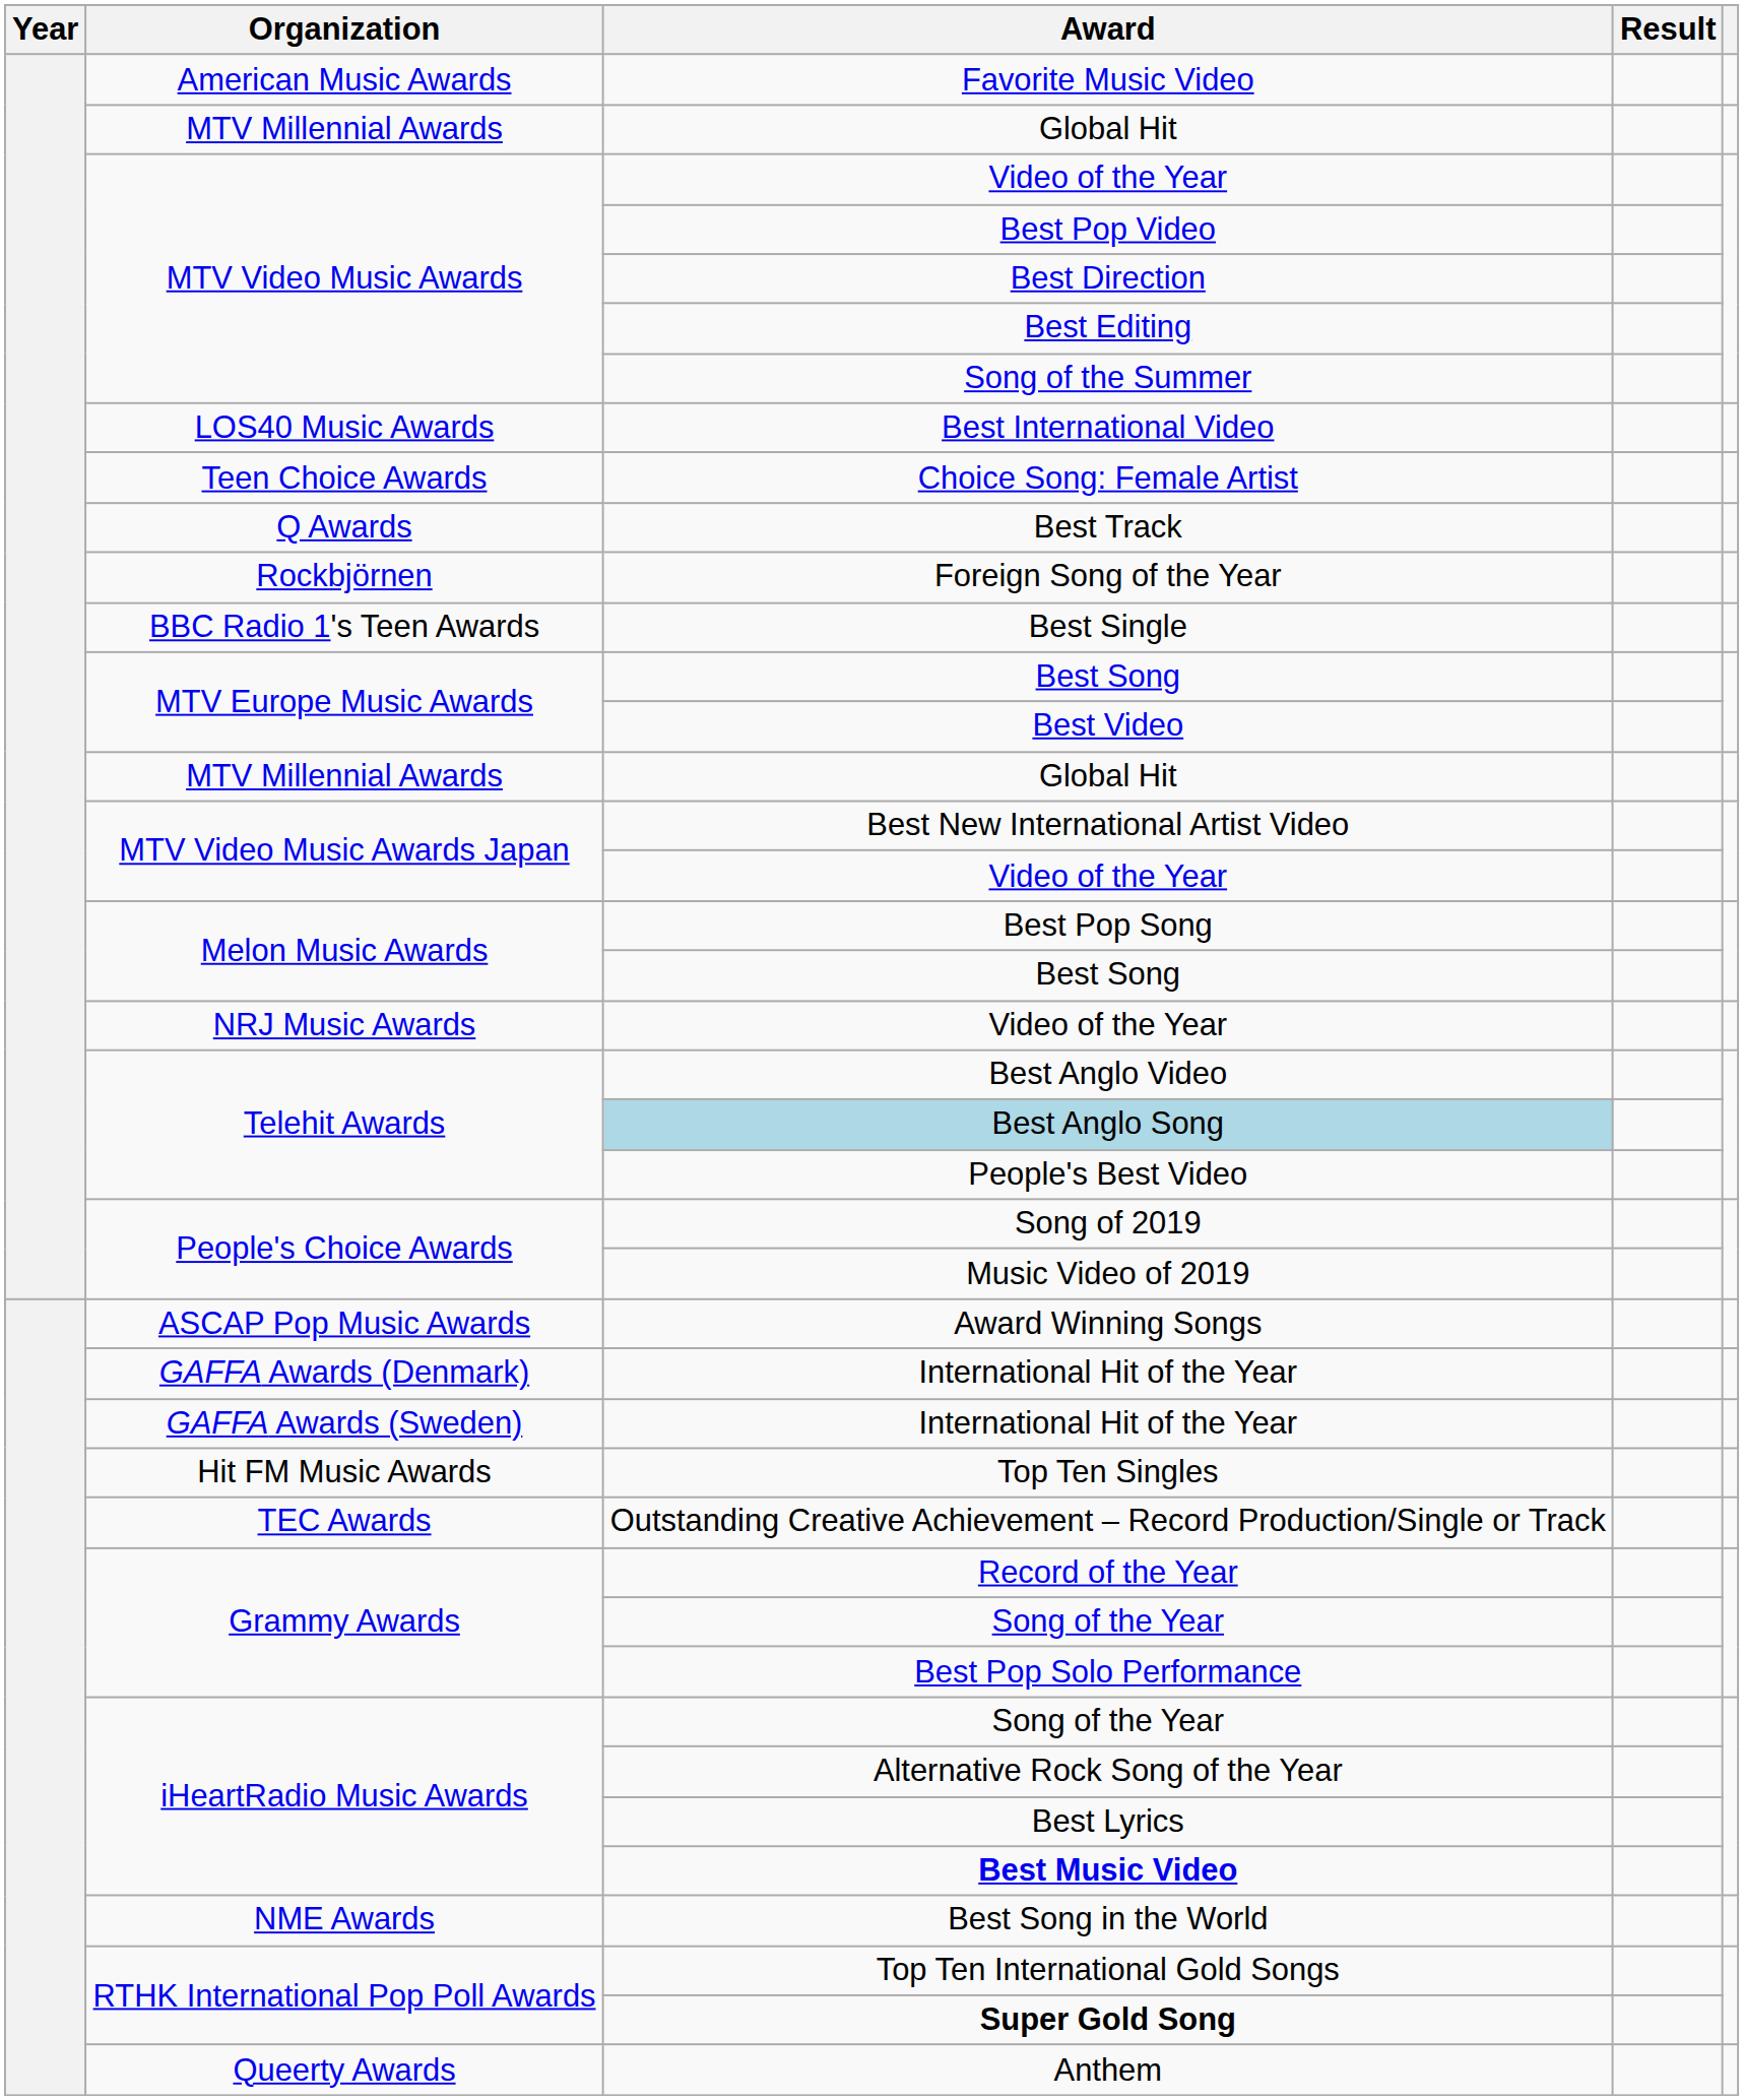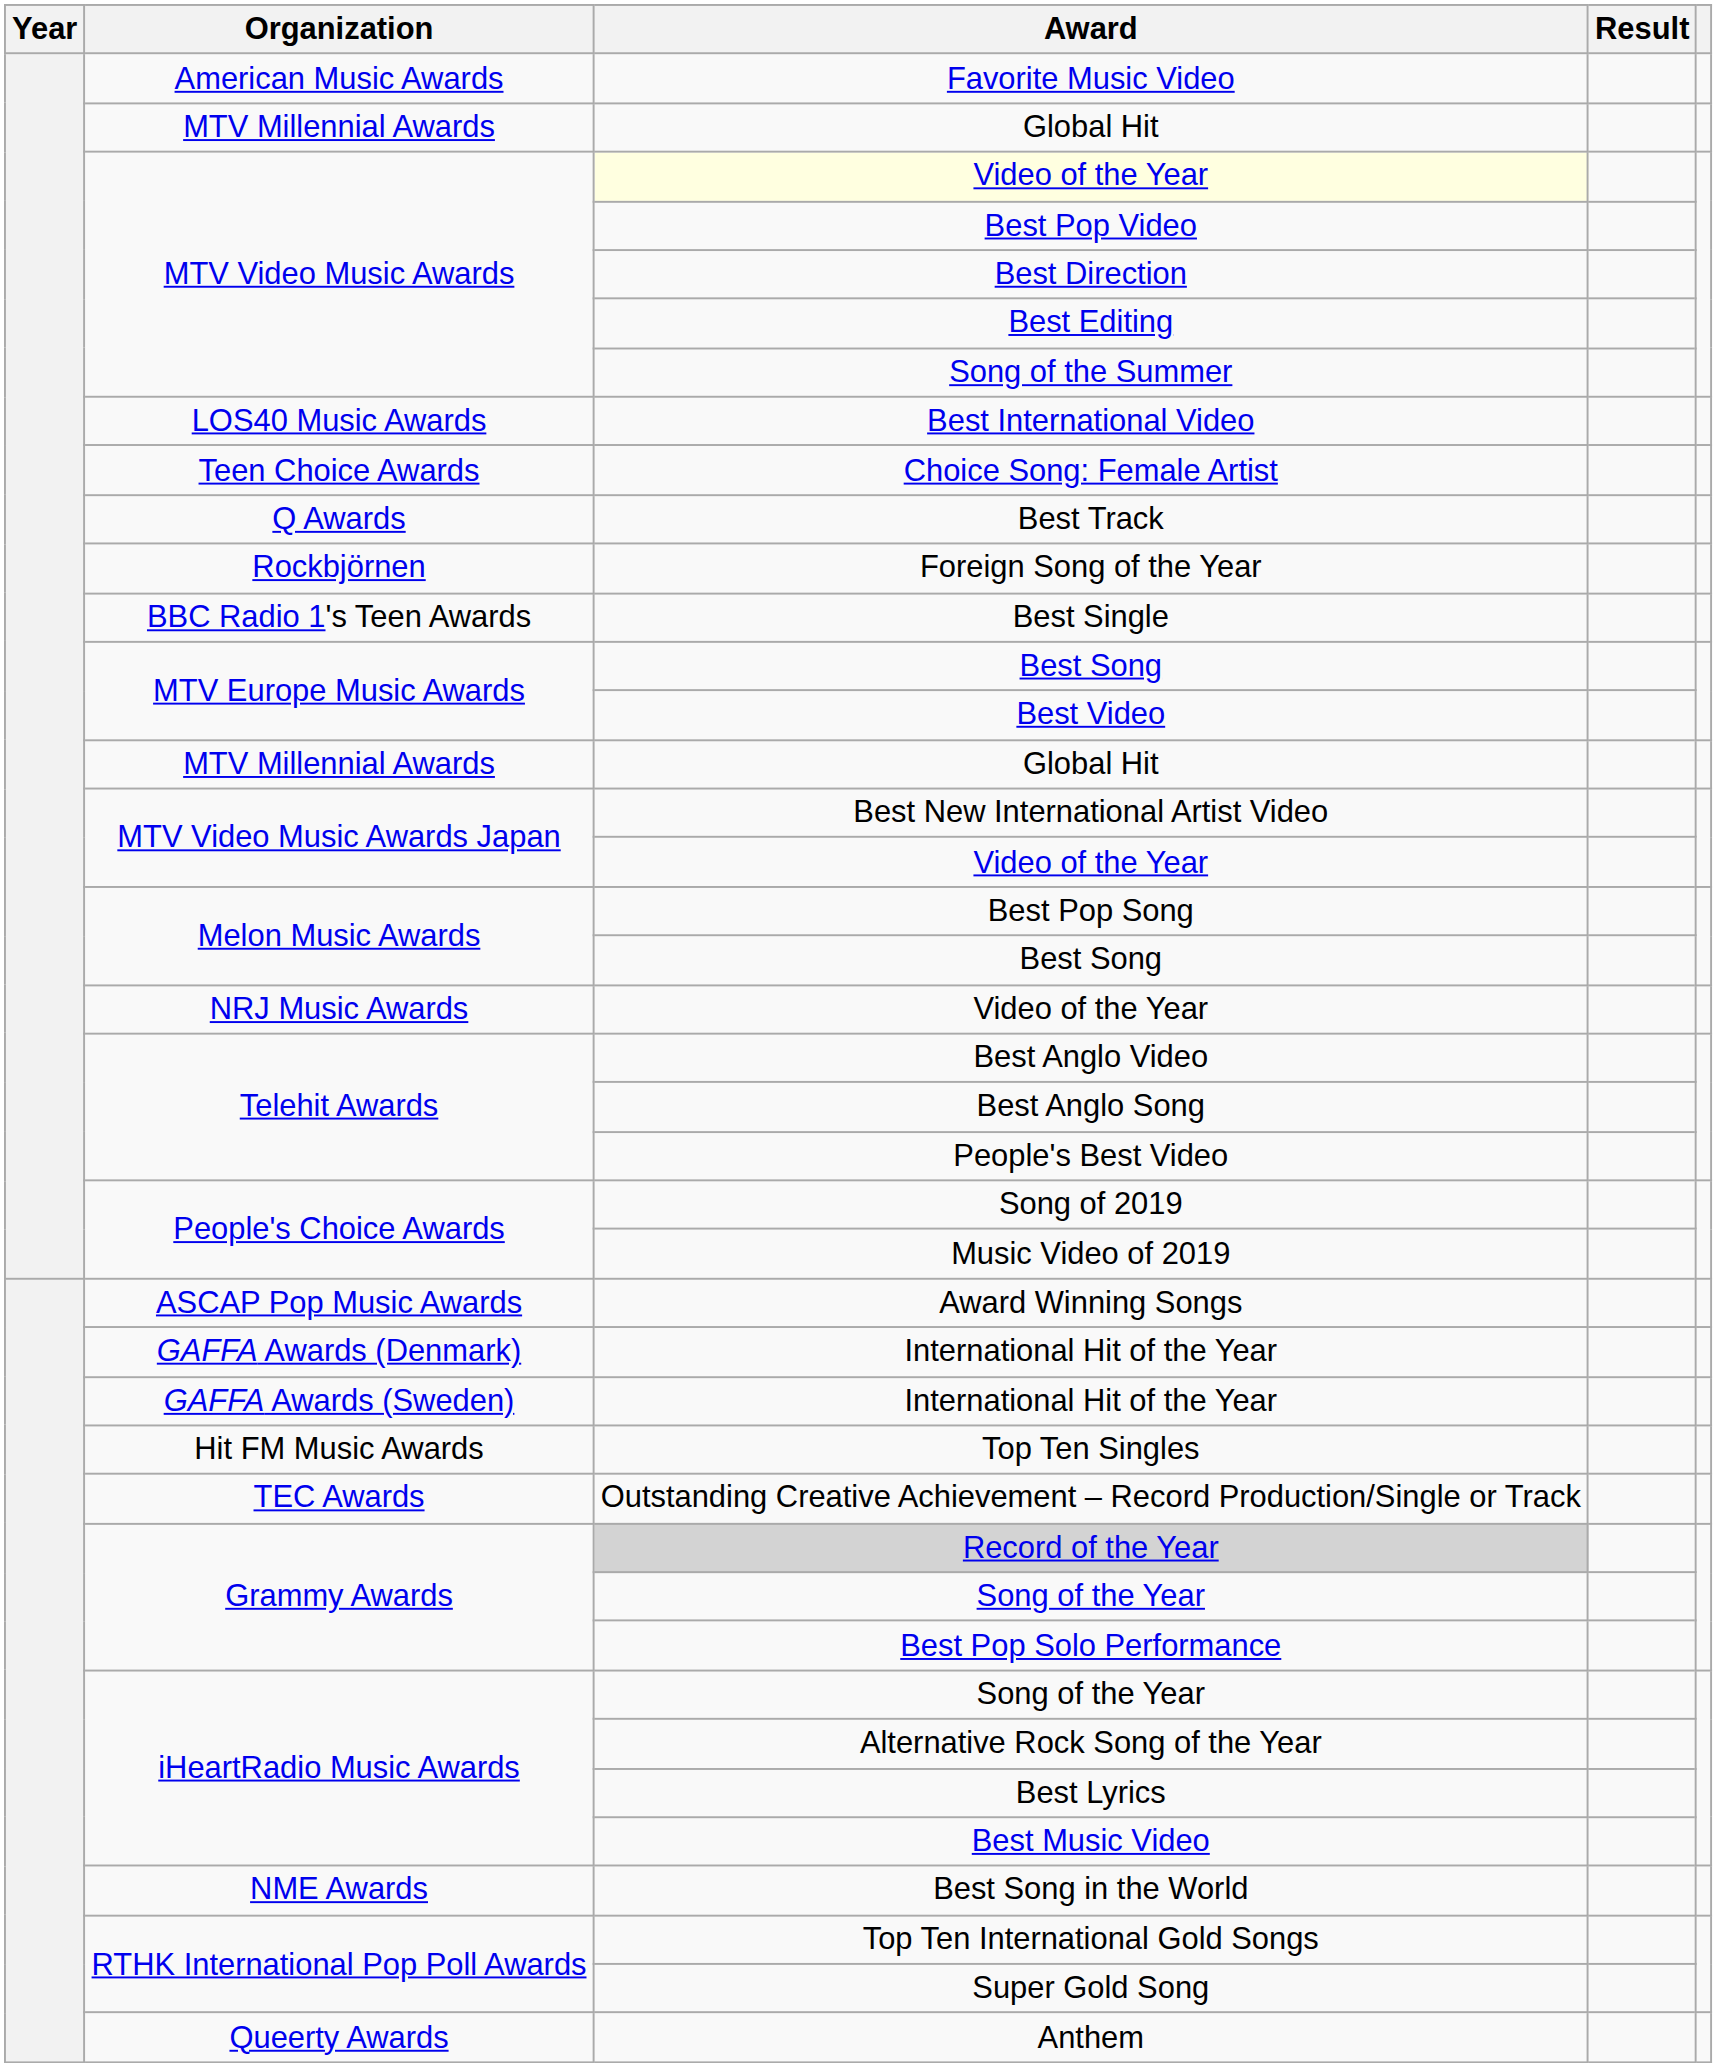 <table class="wikitable plainrowheaders sortable collapsible" style="text-align:center">
 <tr>
 <th scope=col class="sortable">Year</th>
 <th scope=col class="sortable">Organization</th>
 <th scope=col class="sortable">Award</th>
 <th scope=col class="sortable">Result</th>
 <th scope=col class="unsortable"></th>
 </tr>
 <tr>
 <th scope="row" rowspan="25"></th>
 <td scope="row" rowspan="1"><a href='#'>American Music Awards</a></td>
 <td><a href='#'>Favorite Music Video</a></td>
 <td></td>
 <td rowspan="1" style="text-align:center;"></td>
 </tr>
 <tr>
 <td rowspan="1"><a href='#'>MTV Millennial Awards</a></td>
 <td>Global Hit</td>
 <td></td>
 <td style="text-align:center;"></td>
 </tr>
 <tr>
 <td rowspan="5"><a href='#'>MTV Video Music Awards</a></td>
-<td><a href='#'>Video of the Year</a></td>
+<td style="background: lightyellow;"><a href='#'>Video of the Year</a></td>
 <td></td>
 <td rowspan="5"></td>
 </tr>
 <tr>
 <td><a href='#'>Best Pop Video</a></td>
 <td></td>
 </tr>
 <tr>
 <td><a href='#'>Best Direction</a></td>
 <td></td>
 </tr>
 <tr>
 <td><a href='#'>Best Editing</a></td>
 <td></td>
 </tr>
 <tr>
 <td><a href='#'>Song of the Summer</a></td>
 <td></td>
 </tr>
 <tr>
 <td><a href='#'>LOS40 Music Awards</a></td>
 <td><a href='#'>Best International Video</a></td>
 <td></td>
 <td style="text-align:center;" rowspan="1"></td>
 </tr>
 <tr>
 <td rowspan="1"><a href='#'>Teen Choice Awards</a></td>
 <td><a href='#'>Choice Song: Female Artist</a></td>
 <td></td>
 <td></td>
 </tr>
 <tr>
 <td rowspan="1"><a href='#'>Q Awards</a></td>
 <td>Best Track</td>
 <td></td>
 <td></td>
 </tr>
 <tr>
 <td rowspan="1"><a href='#'>Rockbjörnen</a></td>
 <td>Foreign Song of the Year</td>
 <td></td>
 <td></td>
 </tr>
 <tr>
 <td rowspan="1"><a href='#'>BBC Radio 1</a>'s Teen Awards</td>
 <td>Best Single</td>
 <td></td>
 <td></td>
 </tr>
 <tr>
 <td rowspan="2"><a href='#'>MTV Europe Music Awards</a></td>
 <td><a href='#'>Best Song</a></td>
 <td></td>
 <td style="text-align:center;" rowspan="2"></td>
 </tr>
 <tr>
 <td><a href='#'>Best Video</a></td>
 <td></td>
 </tr>
 <tr>
 <td scope="row" rowspan="1"><a href='#'>MTV Millennial Awards</a></td>
 <td>Global Hit</td>
 <td></td>
 <td style="text-align:center;" rowspan="1"></td>
 </tr>
 <tr>
 <td scope="row" rowspan="2"><a href='#'>MTV Video Music Awards Japan</a></td>
 <td>Best New International Artist Video</td>
 <td></td>
 <td rowspan="2" style="text-align:center;"></td>
 </tr>
 <tr>
 <td><a href='#'>Video of the Year</a></td>
 <td></td>
 </tr>
 <tr>
 <td scope="row" rowspan="2"><a href='#'>Melon Music Awards</a></td>
 <td>Best Pop Song</td>
 <td></td>
 <td style="text-align:center;" rowspan="2"></td>
 </tr>
 <tr>
 <td>Best Song</td>
 <td></td>
 </tr>
 <tr>
 <td scope="row" rowspan="1"><a href='#'>NRJ Music Awards</a></td>
 <td>Video of the Year</td>
 <td></td>
 <td style="text-align:center;" rowspan="1"></td>
 </tr>
 <tr>
 <td scope="row" rowspan="3"><a href='#'>Telehit Awards</a></td>
 <td>Best Anglo Video</td>
 <td></td>
 <td style="text-align:center;" rowspan="3"></td>
 </tr>
 <tr>
-<td style="background: lightblue;">Best Anglo Song</td>
+<td>Best Anglo Song</td>
 <td></td>
 </tr>
 <tr>
 <td>People's Best Video</td>
 <td></td>
 </tr>
 <tr>
 <td rowspan="2"><a href='#'>People's Choice Awards</a></td>
 <td>Song of 2019</td>
 <td></td>
 <td style="text-align:center;" rowspan="2"></td>
 </tr>
 <tr>
 <td>Music Video of 2019</td>
 <td></td>
 </tr>
 <tr>
 <th scope="row" rowspan="16"></th>
 <td><a href='#'>ASCAP Pop Music Awards</a></td>
 <td>Award Winning Songs</td>
 <td></td>
 <td style="text-align:center;"></td>
 </tr>
 <tr>
 <td><a href='#'><em>GAFFA</em> Awards (Denmark)</a></td>
 <td>International Hit of the Year</td>
 <td></td>
 <td style="text-align:center;"></td>
 </tr>
 <tr>
 <td><a href='#'><em>GAFFA</em> Awards (Sweden)</a></td>
 <td>International Hit of the Year</td>
 <td></td>
 <td style="text-align:center;"></td>
 </tr>
 <tr>
 <td>Hit FM Music Awards</td>
 <td>Top Ten Singles</td>
 <td></td>
 <td style="text-align:center;"></td>
 </tr>
 <tr>
 <td rowspan="1"><a href='#'>TEC Awards</a></td>
 <td>Outstanding Creative Achievement – Record Production/Single or Track</td>
 <td></td>
 <td></td>
 </tr>
 <tr>
 <td scope="row" rowspan="3"><a href='#'>Grammy Awards</a></td>
-<td><a href='#'>Record of the Year</a></td>
+<td style="background: lightgrey;"><a href='#'>Record of the Year</a></td>
 <td></td>
 <td style="text-align:center;" rowspan="3"></td>
 </tr>
 <tr>
 <td><a href='#'>Song of the Year</a></td>
 <td></td>
 </tr>
 <tr>
 <td><a href='#'>Best Pop Solo Performance</a></td>
 <td></td>
 </tr>
 <tr>
 <td scope="row" rowspan="4"><a href='#'>iHeartRadio Music Awards</a></td>
 <td>Song of the Year</td>
 <td></td>
 <td style="text-align:center;" rowspan="4"></td>
 </tr>
 <tr>
 <td>Alternative Rock Song of the Year</td>
 <td></td>
 </tr>
 <tr>
 <td>Best Lyrics</td>
 <td></td>
 </tr>
 <tr>
-<td><strong><a href='#'>Best Music Video</a></strong></td>
+<td><a href='#'>Best Music Video</a></td>
 <td></td>
 </tr>
 <tr>
 <td><a href='#'>NME Awards</a></td>
 <td>Best Song in the World</td>
 <td></td>
 <td style="text-align:center;"></td>
 </tr>
 <tr>
 <td rowspan="2"><a href='#'>RTHK International Pop Poll Awards</a></td>
 <td>Top Ten International Gold Songs</td>
 <td></td>
 <td rowspan="2" style="text-align:center;"></td>
 </tr>
 <tr>
-<td><strong>Super Gold Song</strong></td>
+<td>Super Gold Song</td>
 <td></td>
 </tr>
 <tr>
 <td><a href='#'>Queerty Awards</a></td>
 <td>Anthem</td>
 <td></td>
 <td style="text-align:center;"></td>
 </tr>
 </table>
